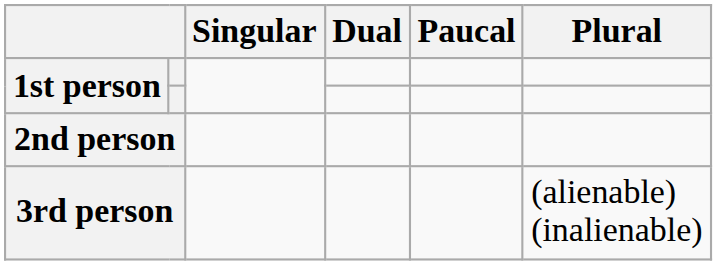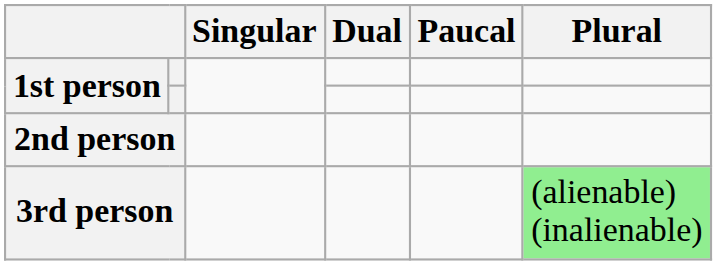 <table class="wikitable">
 <tr>
 <th colspan="2"></th>
 <th>Singular</th>
 <th>Dual</th>
 <th>Paucal</th>
 <th>Plural</th>
 </tr>
 <tr>
 <th rowspan="2">1st person</th>
 <th></th>
 <td rowspan="2"></td>
 <td></td>
 <td></td>
 <td></td>
 </tr>
 <tr>
 <th></th>
 <td></td>
 <td></td>
 <td></td>
 </tr>
 <tr>
 <th colspan="2">2nd person</th>
 <td></td>
 <td></td>
 <td></td>
 <td></td>
 </tr>
 <tr>
 <th colspan="2">3rd person</th>
 <td></td>
 <td></td>
 <td></td>
-<td> (alienable)<br> (inalienable)</td>
+<td style="background: lightgreen;"> (alienable)<br> (inalienable)</td>
 </tr>
 </table>
